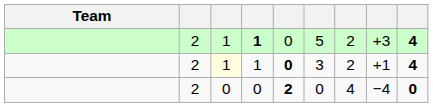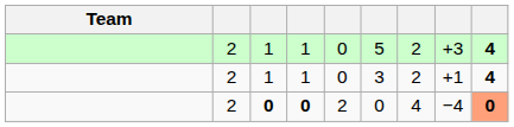 <table class="wikitable" style="text-align: center;">
 <tr>
 <th width="175">Team</th>
 <th width="25"></th>
 <th width="25"></th>
 <th width="25"></th>
 <th width="25"></th>
 <th width="25"></th>
 <th width="25"></th>
 <th width="25"></th>
 <th width="25"></th>
 </tr>
 <tr style="background-color:#ccffcc">
 <td align=left></td>
 <td>2</td>
 <td>1</td>
-<td><strong>1</strong></td>
+<td>1</td>
 <td>0</td>
 <td>5</td>
 <td>2</td>
 <td>+3</td>
 <td><strong>4</strong></td>
 </tr>
 <tr>
 <td align=left></td>
 <td>2</td>
-<td style="background: lightyellow;">1</td>
 <td>1</td>
-<td><strong>0</strong></td>
+<td>1</td>
+<td>0</td>
 <td>3</td>
 <td>2</td>
 <td>+1</td>
 <td><strong>4</strong></td>
 </tr>
 <tr>
 <td align=left></td>
 <td>2</td>
-<td>0</td>
-<td>0</td>
-<td><strong>2</strong></td>
+<td><strong>0</strong></td>
+<td><strong>0</strong></td>
+<td>2</td>
 <td>0</td>
 <td>4</td>
 <td>−4</td>
-<td><strong>0</strong></td>
+<td style="background: lightsalmon;"><strong>0</strong></td>
 </tr>
 </table>
